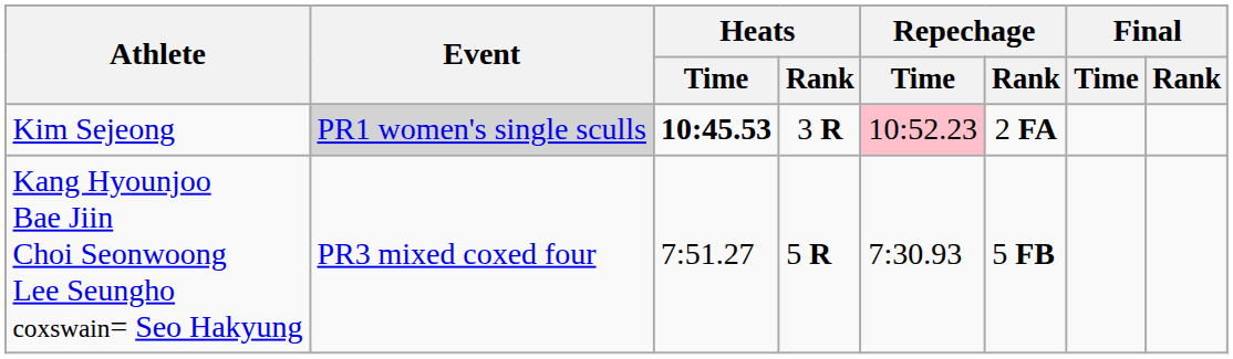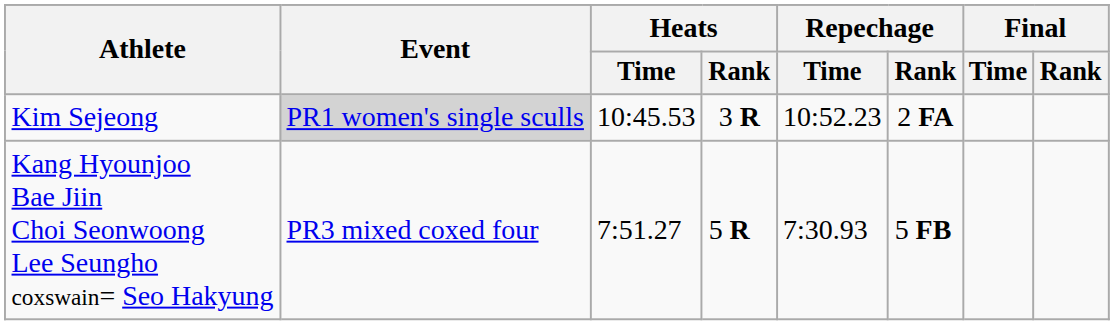 <table class="wikitable" style="font-size:90%">
 <tr>
 <th rowspan=2>Athlete</th>
 <th rowspan=2>Event</th>
 <th colspan=2>Heats</th>
 <th colspan=2>Repechage</th>
 <th colspan=2>Final</th>
 </tr>
 <tr style="font-size:95%">
 <th>Time</th>
 <th>Rank</th>
 <th>Time</th>
 <th>Rank</th>
 <th>Time</th>
 <th>Rank</th>
 </tr>
 <tr align=center>
 <td align=left><a href='#'>Kim Sejeong</a></td>
 <td align=left style="background: lightgrey;"><a href='#'>PR1 women's single sculls</a></td>
-<td><strong>10:45.53</strong></td>
+<td>10:45.53</td>
 <td>3 <strong>R</strong></td>
-<td style="background: pink;">10:52.23</td>
+<td>10:52.23</td>
 <td>2 <strong>FA</strong></td>
 <td></td>
 <td></td>
 </tr>
 <tr>
 <td><a href='#'>Kang Hyounjoo</a><br><a href='#'>Bae Jiin</a><br><a href='#'>Choi Seonwoong</a><br><a href='#'>Lee Seungho</a><br><small>coxswain</small>= <a href='#'>Seo Hakyung</a></td>
 <td><a href='#'>PR3 mixed coxed four</a></td>
 <td>7:51.27</td>
 <td>5 <strong>R</strong></td>
 <td>7:30.93</td>
 <td>5 <strong>FB</strong></td>
 <td></td>
 <td></td>
 </tr>
 </table>
